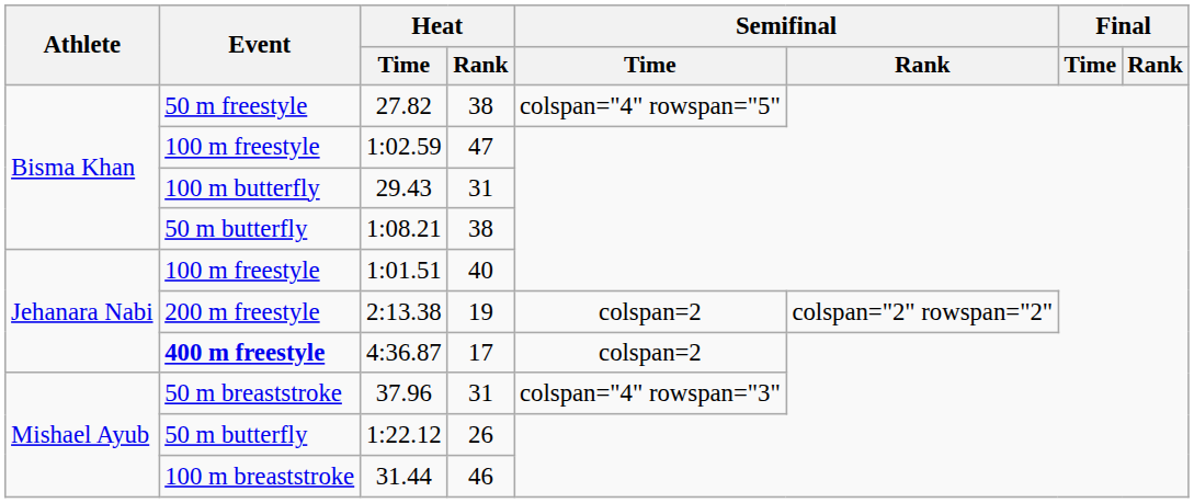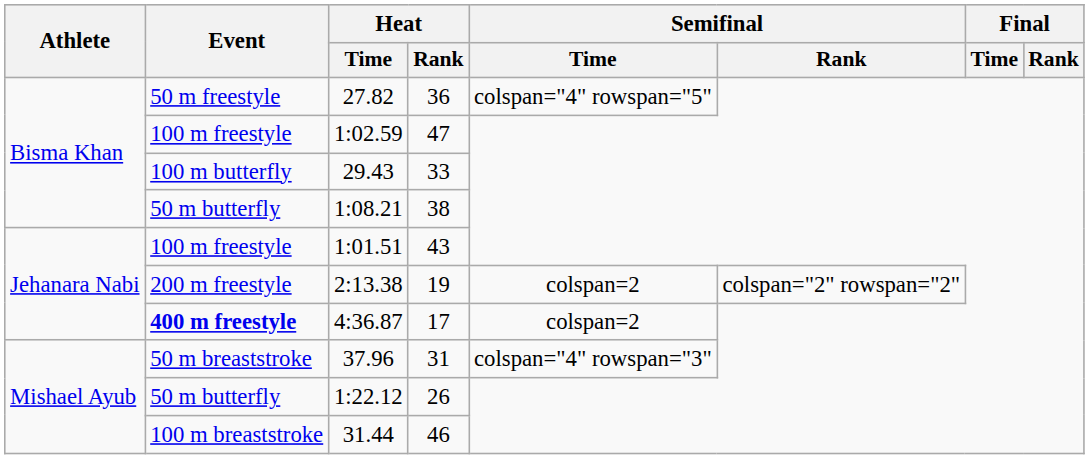 <table class=wikitable style=font-size:90%>
 <tr>
 <th rowspan=2>Athlete</th>
 <th rowspan=2>Event</th>
 <th colspan=2>Heat</th>
 <th colspan=2>Semifinal</th>
 <th colspan=2>Final</th>
 </tr>
 <tr style=font-size:95%>
 <th>Time</th>
 <th>Rank</th>
 <th>Time</th>
 <th>Rank</th>
 <th>Time</th>
 <th>Rank</th>
 </tr>
 <tr align=center>
 <td align=left rowspan=4><a href='#'>Bisma Khan</a></td>
 <td align=left rowspan="1"><a href='#'>50 m freestyle</a></td>
 <td>27.82</td>
-<td>38</td>
+<td>36</td>
 <td>colspan="4" rowspan="5"</td>
 </tr>
 <tr align=center>
 <td align=left rowspan="1"><a href='#'>100 m freestyle</a></td>
 <td>1:02.59</td>
 <td>47</td>
 </tr>
 <tr align=center>
 <td align=left rowspan="1"><a href='#'>100 m butterfly</a></td>
 <td>29.43</td>
-<td>31</td>
+<td>33</td>
 </tr>
 <tr align=center>
 <td align=left rowspan="1"><a href='#'>50 m butterfly</a></td>
 <td>1:08.21</td>
 <td>38</td>
 </tr>
 <tr align=center>
 <td align=left rowspan=3><a href='#'>Jehanara Nabi</a></td>
 <td align=left rowspan="1"><a href='#'>100 m freestyle</a></td>
 <td>1:01.51</td>
-<td>40</td>
+<td>43</td>
 </tr>
 <tr align=center>
 <td align=left rowspan="1"><a href='#'>200 m freestyle</a></td>
 <td>2:13.38</td>
 <td>19</td>
 <td>colspan=2 </td>
 <td>colspan="2" rowspan="2"</td>
 </tr>
 <tr align=center>
 <td align=left rowspan="1"><strong><a href='#'>400 m freestyle</a></strong></td>
 <td>4:36.87</td>
 <td>17</td>
 <td>colspan=2 </td>
 </tr>
 <tr align=center>
 <td align=left rowspan=3><a href='#'>Mishael Ayub</a></td>
 <td align=left rowspan="1"><a href='#'>50 m breaststroke</a></td>
 <td>37.96</td>
 <td>31</td>
 <td>colspan="4" rowspan="3"</td>
 </tr>
 <tr align=center>
 <td align=left rowspan="1"><a href='#'>50 m butterfly</a></td>
 <td>1:22.12</td>
 <td>26</td>
 </tr>
 <tr align=center>
 <td align=left rowspan="1"><a href='#'>100 m breaststroke</a></td>
 <td>31.44</td>
 <td>46</td>
 </tr>
 </table>
